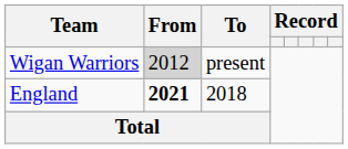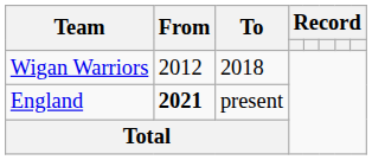 <table class="wikitable" style="text-align:center">
 <tr>
 <th rowspan="2">Team</th>
 <th rowspan="2">From</th>
 <th rowspan="2">To</th>
 <th colspan="5">Record</th>
 </tr>
 <tr>
 <th></th>
 <th></th>
 <th></th>
 <th></th>
 <th></th>
 </tr>
 <tr>
 <td align="left"> <a href='#'>Wigan Warriors</a></td>
-<td align="left" style="background: lightgrey;">2012</td>
-<td align="left">present<br></td>
+<td align="left">2012</td>
+<td align="left">2018<br></td>
 </tr>
 <tr>
 <td align="left"> <a href='#'>England</a></td>
 <td align="left"><strong>2021</strong></td>
-<td align="left">2018<br></td>
+<td align="left">present<br></td>
 </tr>
 <tr>
 <th colspan="3">Total<br></th>
 </tr>
 </table>
